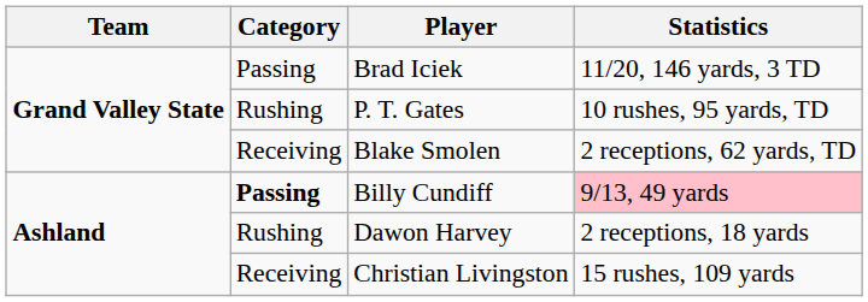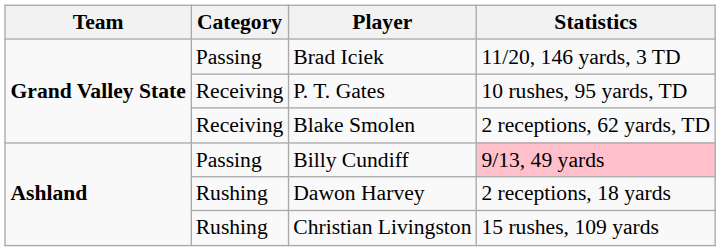 <table class="wikitable" style="float: right;">
 <tr>
 <th>Team</th>
 <th>Category</th>
 <th>Player</th>
 <th>Statistics</th>
 </tr>
 <tr>
 <td rowspan=3><strong>Grand Valley State</strong></td>
 <td>Passing</td>
 <td>Brad Iciek</td>
 <td>11/20, 146 yards, 3 TD</td>
 </tr>
 <tr>
-<td>Rushing</td>
+<td>Receiving</td>
 <td>P. T. Gates</td>
 <td>10 rushes, 95 yards, TD</td>
 </tr>
 <tr>
 <td>Receiving</td>
 <td>Blake Smolen</td>
 <td>2 receptions, 62 yards, TD</td>
 </tr>
 <tr>
 <td rowspan=3><strong>Ashland</strong></td>
-<td><strong>Passing</strong></td>
+<td>Passing</td>
 <td>Billy Cundiff</td>
 <td style="background: pink;">9/13, 49 yards</td>
 </tr>
 <tr>
 <td>Rushing</td>
 <td>Dawon Harvey</td>
 <td>2 receptions, 18 yards</td>
 </tr>
 <tr>
-<td>Receiving</td>
+<td>Rushing</td>
 <td>Christian Livingston</td>
 <td>15 rushes, 109 yards</td>
 </tr>
 </table>
